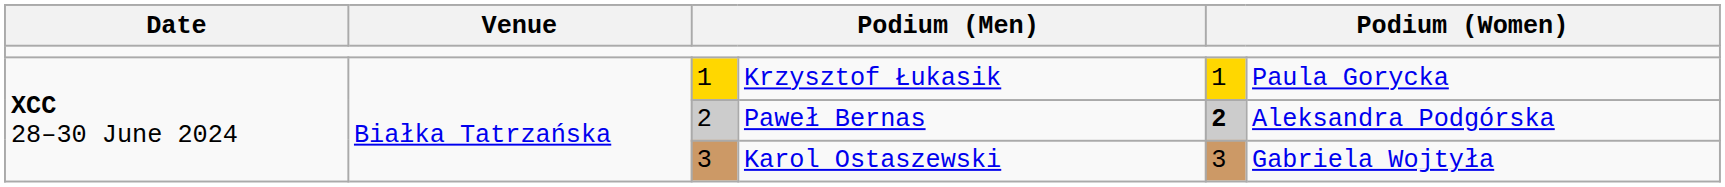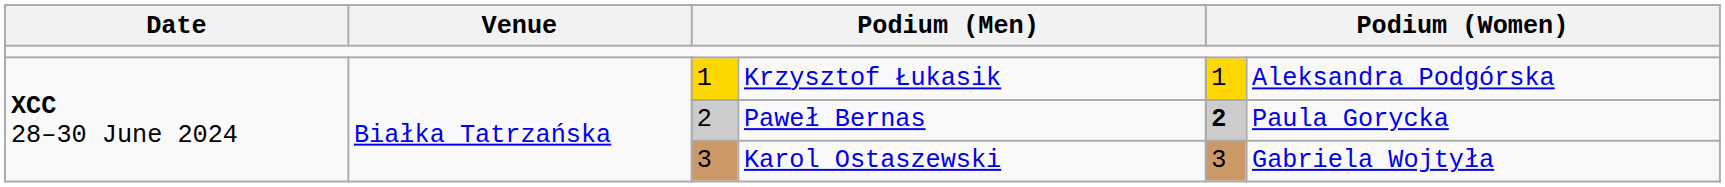 <table class="wikitable" width=70%>
 <tr>
 <th>Date</th>
 <th width=20%>Venue</th>
 <th colspan=2 width=30%>Podium (Men)</th>
 <th colspan=2 width=30%>Podium (Women)</th>
 </tr>
 <tr>
 <td colspan=6></td>
 </tr>
 <tr>
 <td rowspan=3><strong>XCC</strong> <br> 28–30 June 2024</td>
 <td rowspan=3><br><a href='#'>Białka Tatrzańska</a></td>
 <td bgcolor=FFD700>1</td>
 <td><a href='#'>Krzysztof Łukasik</a></td>
 <td bgcolor=FFD700>1</td>
-<td><a href='#'>Paula Gorycka</a></td>
+<td><a href='#'>Aleksandra Podgórska</a></td>
 </tr>
 <tr>
 <td bgcolor=CCCCCC>2</td>
 <td><a href='#'>Paweł Bernas</a></td>
 <td bgcolor=CCCCCC><strong>2</strong></td>
-<td><a href='#'>Aleksandra Podgórska</a></td>
+<td><a href='#'>Paula Gorycka</a></td>
 </tr>
 <tr>
 <td bgcolor=CC9966>3</td>
 <td><a href='#'>Karol Ostaszewski</a></td>
 <td bgcolor=CC9966>3</td>
 <td><a href='#'>Gabriela Wojtyła</a></td>
 </tr>
 </table>
